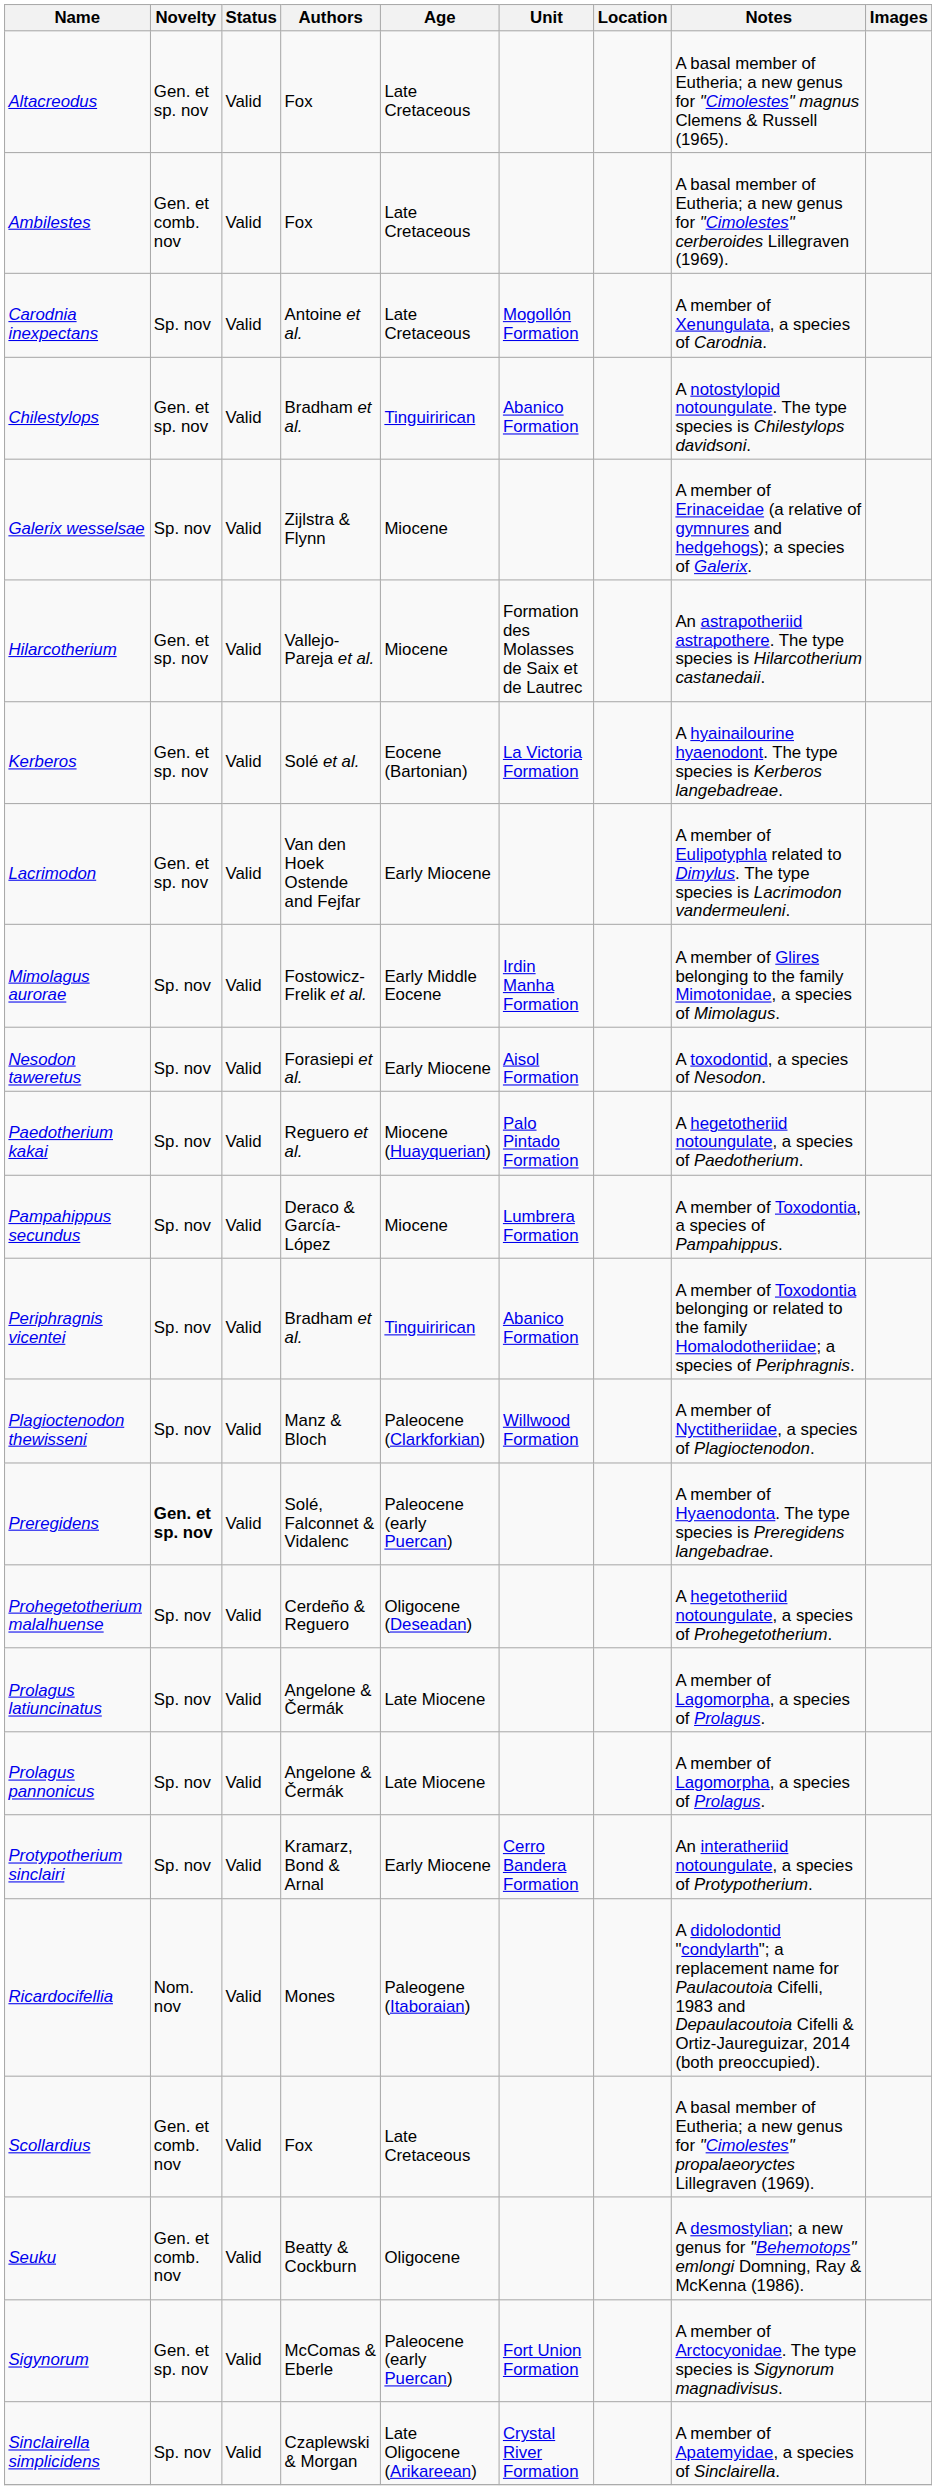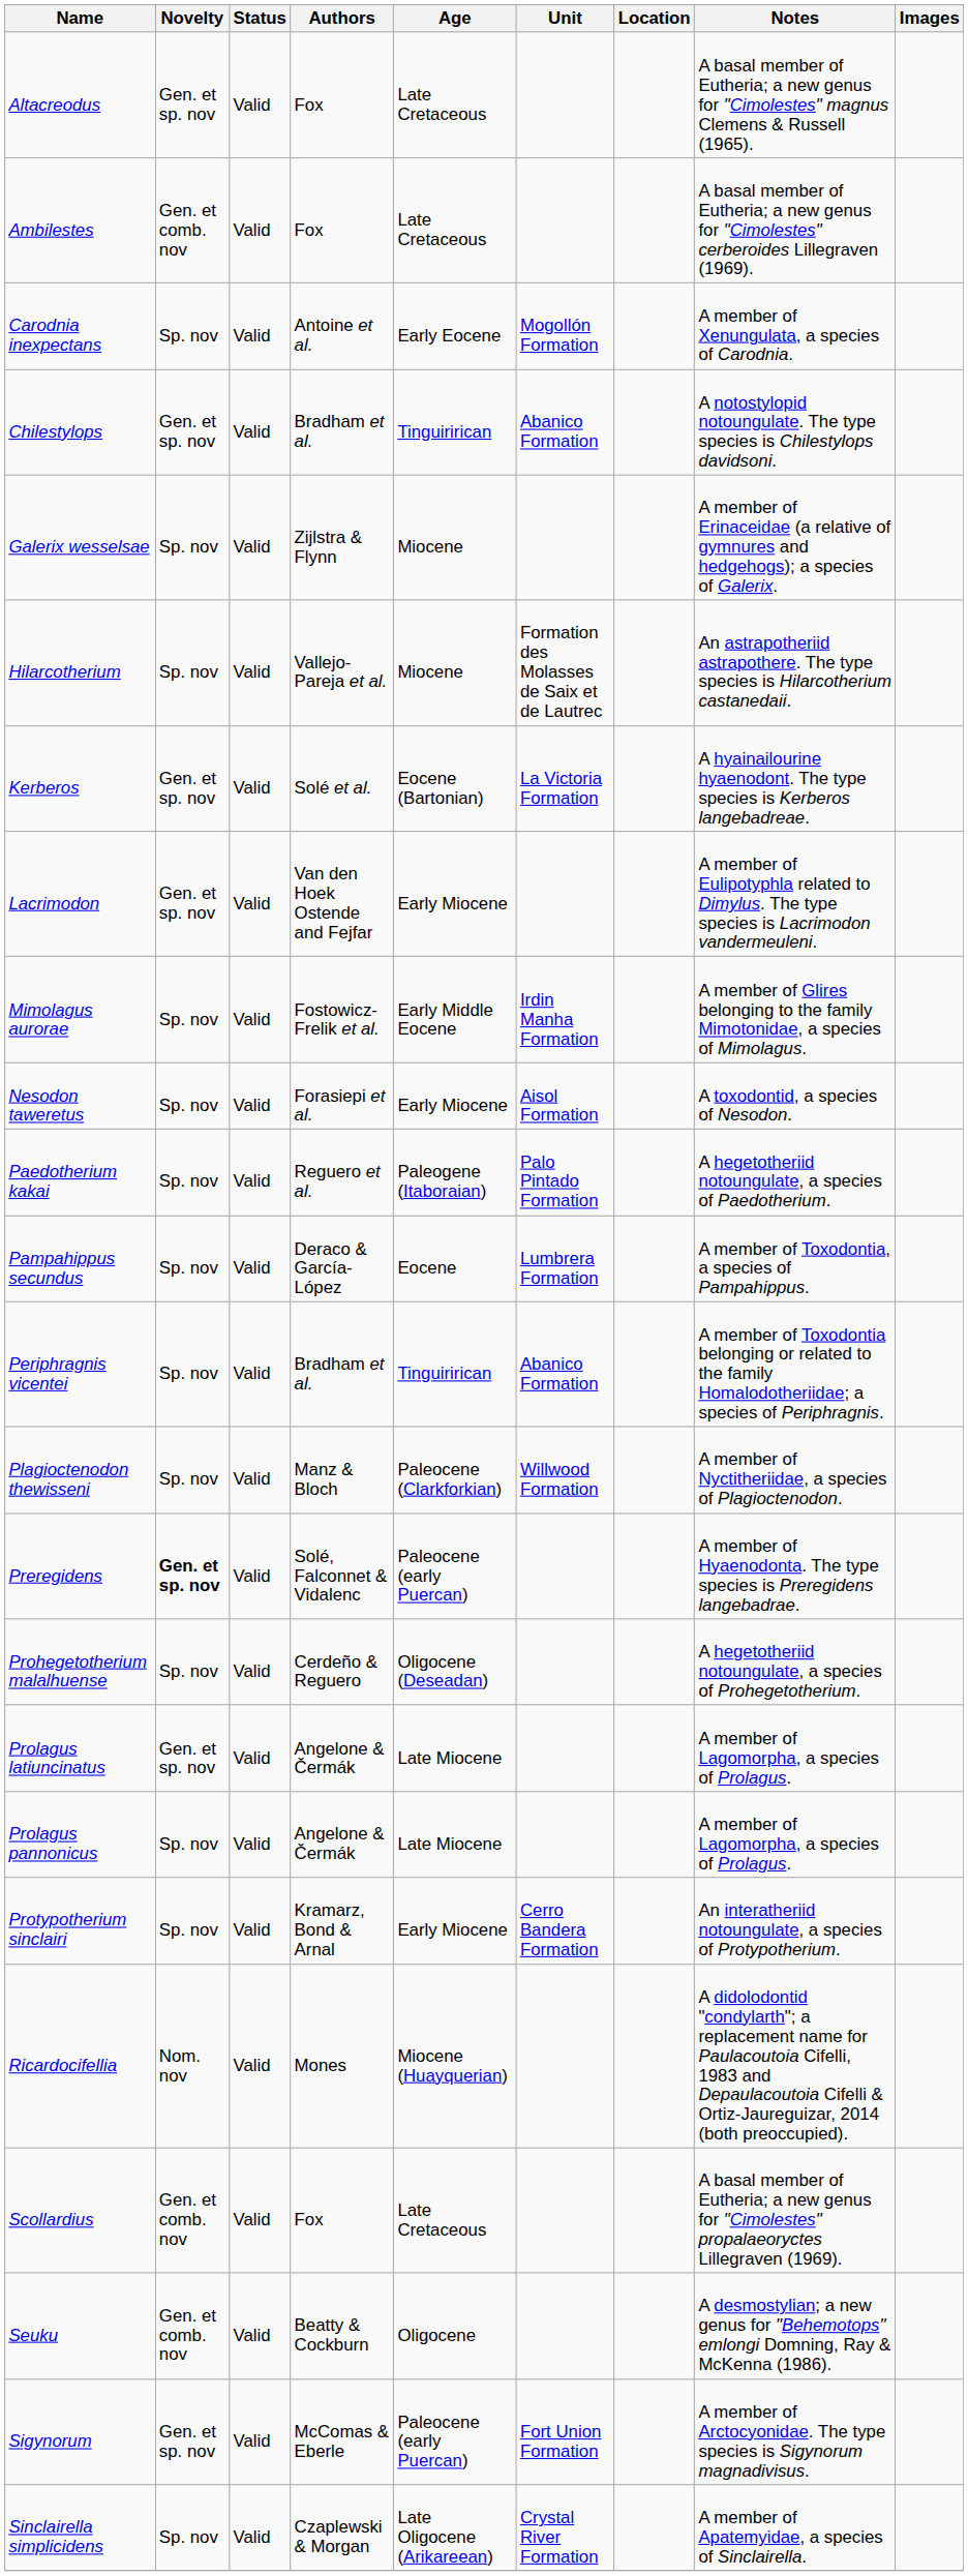 <table class="wikitable sortable" align="center" width="100%">
 <tr>
 <th>Name</th>
 <th>Novelty</th>
 <th>Status</th>
 <th>Authors</th>
 <th>Age</th>
 <th>Unit</th>
 <th>Location</th>
 <th>Notes</th>
 <th>Images</th>
 </tr>
 <tr>
 <td><br><em><a href='#'>Altacreodus</a></em></td>
 <td><br>Gen. et sp. nov</td>
 <td><br>Valid</td>
 <td><br>Fox</td>
 <td><br>Late Cretaceous</td>
 <td></td>
 <td><br><br> </td>
 <td><br>A basal member of Eutheria; a new genus for <em>"<a href='#'>Cimolestes</a>" magnus</em> Clemens & Russell (1965).</td>
 <td></td>
 </tr>
 <tr>
 <td><br><em><a href='#'>Ambilestes</a></em></td>
 <td><br>Gen. et comb. nov</td>
 <td><br>Valid</td>
 <td><br>Fox</td>
 <td><br>Late Cretaceous</td>
 <td></td>
 <td><br></td>
 <td><br>A basal member of Eutheria; a new genus for <em>"<a href='#'>Cimolestes</a>" cerberoides</em> Lillegraven (1969).</td>
 <td></td>
 </tr>
 <tr>
 <td><br><em><a href='#'>Carodnia inexpectans</a></em></td>
 <td><br>Sp. nov</td>
 <td><br>Valid</td>
 <td><br>Antoine <em>et al.</em></td>
-<td><br>Late Cretaceous</td>
+<td><br>Early Eocene</td>
 <td><br><a href='#'>Mogollón Formation</a></td>
 <td><br></td>
 <td><br>A member of <a href='#'>Xenungulata</a>, a species of <em>Carodnia</em>.</td>
 <td></td>
 </tr>
 <tr>
 <td><br><em><a href='#'>Chilestylops</a></em></td>
 <td><br>Gen. et sp. nov</td>
 <td><br>Valid</td>
 <td><br>Bradham <em>et al.</em></td>
 <td><br><a href='#'>Tinguirirican</a></td>
 <td><br><a href='#'>Abanico Formation</a></td>
 <td><br></td>
 <td><br>A <a href='#'>notostylopid</a> <a href='#'>notoungulate</a>. The type species is <em>Chilestylops davidsoni</em>.</td>
 <td></td>
 </tr>
 <tr>
 <td><br><em><a href='#'>Galerix wesselsae</a></em></td>
 <td><br>Sp. nov</td>
 <td><br>Valid</td>
 <td><br>Zijlstra & Flynn</td>
 <td><br>Miocene</td>
 <td></td>
 <td><br></td>
 <td><br>A member of <a href='#'>Erinaceidae</a> (a relative of <a href='#'>gymnures</a> and <a href='#'>hedgehogs</a>); a species of <em><a href='#'>Galerix</a></em>.</td>
 <td></td>
 </tr>
 <tr>
 <td><br><em><a href='#'>Hilarcotherium</a></em></td>
-<td><br>Gen. et sp. nov</td>
+<td><br>Sp. nov</td>
 <td><br>Valid</td>
 <td><br>Vallejo-Pareja <em>et al.</em></td>
 <td><br>Miocene</td>
 <td><br>Formation des Molasses de Saix et de Lautrec</td>
 <td><br></td>
 <td><br>An <a href='#'>astrapotheriid</a> <a href='#'>astrapothere</a>. The type species is <em>Hilarcotherium castanedaii</em>.</td>
 <td></td>
 </tr>
 <tr>
 <td><br><em><a href='#'>Kerberos</a></em></td>
 <td><br>Gen. et sp. nov</td>
 <td><br>Valid</td>
 <td><br>Solé <em>et al.</em></td>
 <td><br>Eocene (Bartonian)</td>
 <td><br><a href='#'>La Victoria Formation</a></td>
 <td><br></td>
 <td><br>A <a href='#'>hyainailourine</a> <a href='#'>hyaenodont</a>. The type species is <em>Kerberos langebadreae</em>.</td>
 <td></td>
 </tr>
 <tr>
 <td><br><em><a href='#'>Lacrimodon</a></em></td>
 <td><br>Gen. et sp. nov</td>
 <td><br>Valid</td>
 <td><br>Van den Hoek Ostende and Fejfar</td>
 <td><br>Early Miocene</td>
 <td></td>
 <td><br></td>
 <td><br>A member of <a href='#'>Eulipotyphla</a> related to <em><a href='#'>Dimylus</a></em>. The type species is <em>Lacrimodon vandermeuleni</em>.</td>
 <td></td>
 </tr>
 <tr>
 <td><br><em><a href='#'>Mimolagus aurorae</a></em></td>
 <td><br>Sp. nov</td>
 <td><br>Valid</td>
 <td><br>Fostowicz-Frelik <em>et al.</em></td>
 <td><br>Early Middle Eocene</td>
 <td><br><a href='#'>Irdin Manha Formation</a></td>
 <td><br></td>
 <td><br>A member of <a href='#'>Glires</a> belonging to the family <a href='#'>Mimotonidae</a>, a species of <em>Mimolagus</em>.</td>
 <td></td>
 </tr>
 <tr>
 <td><br><em><a href='#'>Nesodon taweretus</a></em></td>
 <td><br>Sp. nov</td>
 <td><br>Valid</td>
 <td><br>Forasiepi <em>et al.</em></td>
 <td><br>Early Miocene</td>
 <td><br><a href='#'>Aisol Formation</a></td>
 <td><br></td>
 <td><br>A <a href='#'>toxodontid</a>, a species of <em>Nesodon</em>.</td>
 <td></td>
 </tr>
 <tr>
 <td><br><em><a href='#'>Paedotherium kakai</a></em></td>
 <td><br>Sp. nov</td>
 <td><br>Valid</td>
 <td><br>Reguero <em>et al.</em></td>
-<td><br>Miocene (<a href='#'>Huayquerian</a>)</td>
+<td><br>Paleogene (<a href='#'>Itaboraian</a>)</td>
 <td><br><a href='#'>Palo Pintado Formation</a></td>
 <td><br></td>
 <td><br>A <a href='#'>hegetotheriid</a> <a href='#'>notoungulate</a>, a species of <em>Paedotherium</em>.</td>
 <td></td>
 </tr>
 <tr>
 <td><br><em><a href='#'>Pampahippus secundus</a></em></td>
 <td><br>Sp. nov</td>
 <td><br>Valid</td>
 <td><br>Deraco & García-López</td>
-<td><br>Miocene</td>
+<td><br>Eocene</td>
 <td><br><a href='#'>Lumbrera Formation</a></td>
 <td><br></td>
 <td><br>A member of <a href='#'>Toxodontia</a>, a species of <em>Pampahippus</em>.</td>
 <td></td>
 </tr>
 <tr>
 <td><br><em><a href='#'>Periphragnis vicentei</a></em></td>
 <td><br>Sp. nov</td>
 <td><br>Valid</td>
 <td><br>Bradham <em>et al.</em></td>
 <td><br><a href='#'>Tinguirirican</a></td>
 <td><br><a href='#'>Abanico Formation</a></td>
 <td><br></td>
 <td><br>A member of <a href='#'>Toxodontia</a> belonging or related to the family <a href='#'>Homalodotheriidae</a>; a species of <em>Periphragnis</em>.</td>
 <td></td>
 </tr>
 <tr>
 <td><br><em><a href='#'>Plagioctenodon thewisseni</a></em></td>
 <td><br>Sp. nov</td>
 <td><br>Valid</td>
 <td><br>Manz & Bloch</td>
 <td><br>Paleocene (<a href='#'>Clarkforkian</a>)</td>
 <td><br><a href='#'>Willwood Formation</a></td>
 <td><br></td>
 <td><br>A member of <a href='#'>Nyctitheriidae</a>, a species of <em>Plagioctenodon</em>.</td>
 <td></td>
 </tr>
 <tr>
 <td><br><em><a href='#'>Preregidens</a></em></td>
 <td><strong><br>Gen. et sp. nov</strong></td>
 <td><br>Valid</td>
 <td><br>Solé, Falconnet & Vidalenc</td>
 <td><br>Paleocene (early <a href='#'>Puercan</a>)</td>
 <td></td>
 <td><br></td>
 <td><br>A member of <a href='#'>Hyaenodonta</a>. The type species is <em>Preregidens langebadrae</em>.</td>
 <td></td>
 </tr>
 <tr>
 <td><br><em><a href='#'>Prohegetotherium malalhuense</a></em></td>
 <td><br>Sp. nov</td>
 <td><br>Valid</td>
 <td><br>Cerdeño & Reguero</td>
 <td><br>Oligocene (<a href='#'>Deseadan</a>)</td>
 <td></td>
 <td><br></td>
 <td><br>A <a href='#'>hegetotheriid</a> <a href='#'>notoungulate</a>, a species of <em>Prohegetotherium</em>.</td>
 <td></td>
 </tr>
 <tr>
 <td><br><em><a href='#'>Prolagus latiuncinatus</a></em></td>
-<td><br>Sp. nov</td>
+<td><br>Gen. et sp. nov</td>
 <td><br>Valid</td>
 <td><br>Angelone & Čermák</td>
 <td><br>Late Miocene</td>
 <td></td>
 <td><br></td>
 <td><br>A member of <a href='#'>Lagomorpha</a>, a species of <em><a href='#'>Prolagus</a></em>.</td>
 <td></td>
 </tr>
 <tr>
 <td><br><em><a href='#'>Prolagus pannonicus</a></em></td>
 <td><br>Sp. nov</td>
 <td><br>Valid</td>
 <td><br>Angelone & Čermák</td>
 <td><br>Late Miocene</td>
 <td></td>
 <td><br></td>
 <td><br>A member of <a href='#'>Lagomorpha</a>, a species of <em><a href='#'>Prolagus</a></em>.</td>
 <td></td>
 </tr>
 <tr>
 <td><br><em><a href='#'>Protypotherium sinclairi</a></em></td>
 <td><br>Sp. nov</td>
 <td><br>Valid</td>
 <td><br>Kramarz, Bond & Arnal</td>
 <td><br>Early Miocene</td>
 <td><br><a href='#'>Cerro Bandera Formation</a></td>
 <td><br></td>
 <td><br>An <a href='#'>interatheriid</a> <a href='#'>notoungulate</a>, a species of <em>Protypotherium</em>.</td>
 <td></td>
 </tr>
 <tr>
 <td><br><em><a href='#'>Ricardocifellia</a></em></td>
 <td><br>Nom. nov</td>
 <td><br>Valid</td>
 <td><br>Mones</td>
-<td><br>Paleogene (<a href='#'>Itaboraian</a>)</td>
+<td><br>Miocene (<a href='#'>Huayquerian</a>)</td>
 <td></td>
 <td><br></td>
 <td><br>A <a href='#'>didolodontid</a> "<a href='#'>condylarth</a>"; a replacement name for <em>Paulacoutoia</em> Cifelli, 1983 and <em>Depaulacoutoia</em> Cifelli & Ortiz-Jaureguizar, 2014 (both preoccupied).</td>
 <td></td>
 </tr>
 <tr>
 <td><br><em><a href='#'>Scollardius</a></em></td>
 <td><br>Gen. et comb. nov</td>
 <td><br>Valid</td>
 <td><br>Fox</td>
 <td><br>Late Cretaceous</td>
 <td></td>
 <td><br><br> </td>
 <td><br>A basal member of Eutheria; a new genus for <em>"<a href='#'>Cimolestes</a>" propalaeoryctes</em> Lillegraven (1969).</td>
 <td></td>
 </tr>
 <tr>
 <td><br><em><a href='#'>Seuku</a></em></td>
 <td><br>Gen. et comb. nov</td>
 <td><br>Valid</td>
 <td><br>Beatty & Cockburn</td>
 <td><br>Oligocene</td>
 <td></td>
 <td><br></td>
 <td><br>A <a href='#'>desmostylian</a>; a new genus for <em>"<a href='#'>Behemotops</a>" emlongi</em> Domning, Ray & McKenna (1986).</td>
 <td></td>
 </tr>
 <tr>
 <td><br><em><a href='#'>Sigynorum</a></em></td>
 <td><br>Gen. et sp. nov</td>
 <td><br>Valid</td>
 <td><br>McComas & Eberle</td>
 <td><br>Paleocene (early <a href='#'>Puercan</a>)</td>
 <td><br><a href='#'>Fort Union Formation</a></td>
 <td><br></td>
 <td><br>A member of <a href='#'>Arctocyonidae</a>. The type species is <em>Sigynorum magnadivisus</em>.</td>
 <td></td>
 </tr>
 <tr>
 <td><br><em><a href='#'>Sinclairella simplicidens</a></em></td>
 <td><br>Sp. nov</td>
 <td><br>Valid</td>
 <td><br>Czaplewski & Morgan</td>
 <td><br>Late Oligocene (<a href='#'>Arikareean</a>)</td>
 <td><br><a href='#'>Crystal River Formation</a></td>
 <td><br></td>
 <td><br>A member of <a href='#'>Apatemyidae</a>, a species of <em>Sinclairella</em>.</td>
 <td></td>
 </tr>
 <tr>
 </tr>
 </table>
